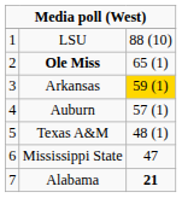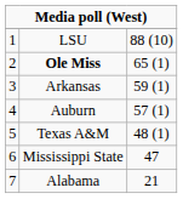 <table class="wikitable">
 <tr align="center">
 <td align="center" Colspan="3"><strong>Media poll (West)</strong></td>
 </tr>
 <tr align="center">
 </tr>
 <tr align="center">
 <td>1</td>
 <td>LSU</td>
 <td>88 (10)</td>
 </tr>
 <tr align="center">
 <td>2</td>
 <td><strong>Ole Miss</strong></td>
 <td>65 (1)</td>
 </tr>
 <tr align="center">
 <td>3</td>
 <td>Arkansas</td>
-<td style="background: gold;">59 (1)</td>
+<td>59 (1)</td>
 </tr>
 <tr align="center">
 <td>4</td>
 <td>Auburn</td>
 <td>57 (1)</td>
 </tr>
 <tr align="center">
 <td>5</td>
 <td>Texas A&M</td>
 <td>48 (1)</td>
 </tr>
 <tr align="center">
 <td>6</td>
 <td>Mississippi State</td>
 <td>47</td>
 </tr>
 <tr align="center">
 <td>7</td>
 <td>Alabama</td>
-<td><strong>21</strong></td>
+<td>21</td>
 </tr>
 </table>
